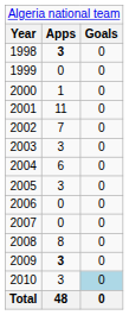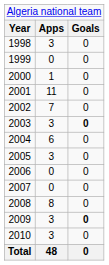 <table class="wikitable" style="text-align:center">
 <tr>
 <td colspan="3"><a href='#'>Algeria national team</a></td>
 </tr>
 <tr>
 <th>Year</th>
 <th>Apps</th>
 <th>Goals</th>
 </tr>
 <tr>
 <td>1998</td>
-<td><strong>3</strong></td>
+<td>3</td>
 <td>0</td>
 </tr>
 <tr>
 <td>1999</td>
 <td>0</td>
 <td>0</td>
 </tr>
 <tr>
 <td>2000</td>
 <td>1</td>
 <td>0</td>
 </tr>
 <tr>
 <td>2001</td>
 <td>11</td>
 <td>0</td>
 </tr>
 <tr>
 <td>2002</td>
 <td>7</td>
 <td>0</td>
 </tr>
 <tr>
 <td>2003</td>
 <td>3</td>
-<td>0</td>
+<td><strong>0</strong></td>
 </tr>
 <tr>
 <td>2004</td>
 <td>6</td>
 <td>0</td>
 </tr>
 <tr>
 <td>2005</td>
 <td>3</td>
 <td>0</td>
 </tr>
 <tr>
 <td>2006</td>
 <td>0</td>
 <td>0</td>
 </tr>
 <tr>
 <td>2007</td>
 <td>0</td>
 <td>0</td>
 </tr>
 <tr>
 <td>2008</td>
 <td>8</td>
 <td>0</td>
 </tr>
 <tr>
 <td>2009</td>
-<td><strong>3</strong></td>
-<td>0</td>
+<td>3</td>
+<td><strong>0</strong></td>
 </tr>
 <tr>
 <td>2010</td>
 <td>3</td>
-<td style="background: lightblue;">0</td>
+<td>0</td>
 </tr>
 <tr>
 <th>Total</th>
 <th>48</th>
 <th>0</th>
 </tr>
 </table>
